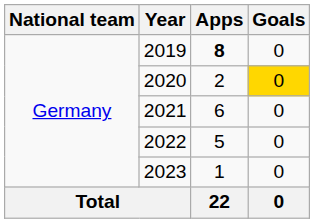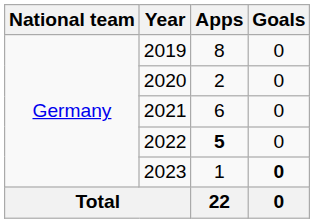 <table class="wikitable" style="text-align:center">
 <tr>
 <th>National team</th>
 <th>Year</th>
 <th>Apps</th>
 <th>Goals</th>
 </tr>
 <tr>
 <td rowspan="5"><a href='#'>Germany</a></td>
 <td>2019</td>
-<td><strong>8</strong></td>
+<td>8</td>
 <td>0</td>
 </tr>
 <tr>
 <td>2020</td>
 <td>2</td>
-<td style="background: gold;">0</td>
+<td>0</td>
 </tr>
 <tr>
 <td>2021</td>
 <td>6</td>
 <td>0</td>
 </tr>
 <tr>
 <td>2022</td>
-<td>5</td>
+<td><strong>5</strong></td>
 <td>0</td>
 </tr>
 <tr>
 <td>2023</td>
 <td>1</td>
-<td>0</td>
+<td><strong>0</strong></td>
 </tr>
 <tr>
 <th colspan="2">Total</th>
 <th>22</th>
 <th>0</th>
 </tr>
 </table>
